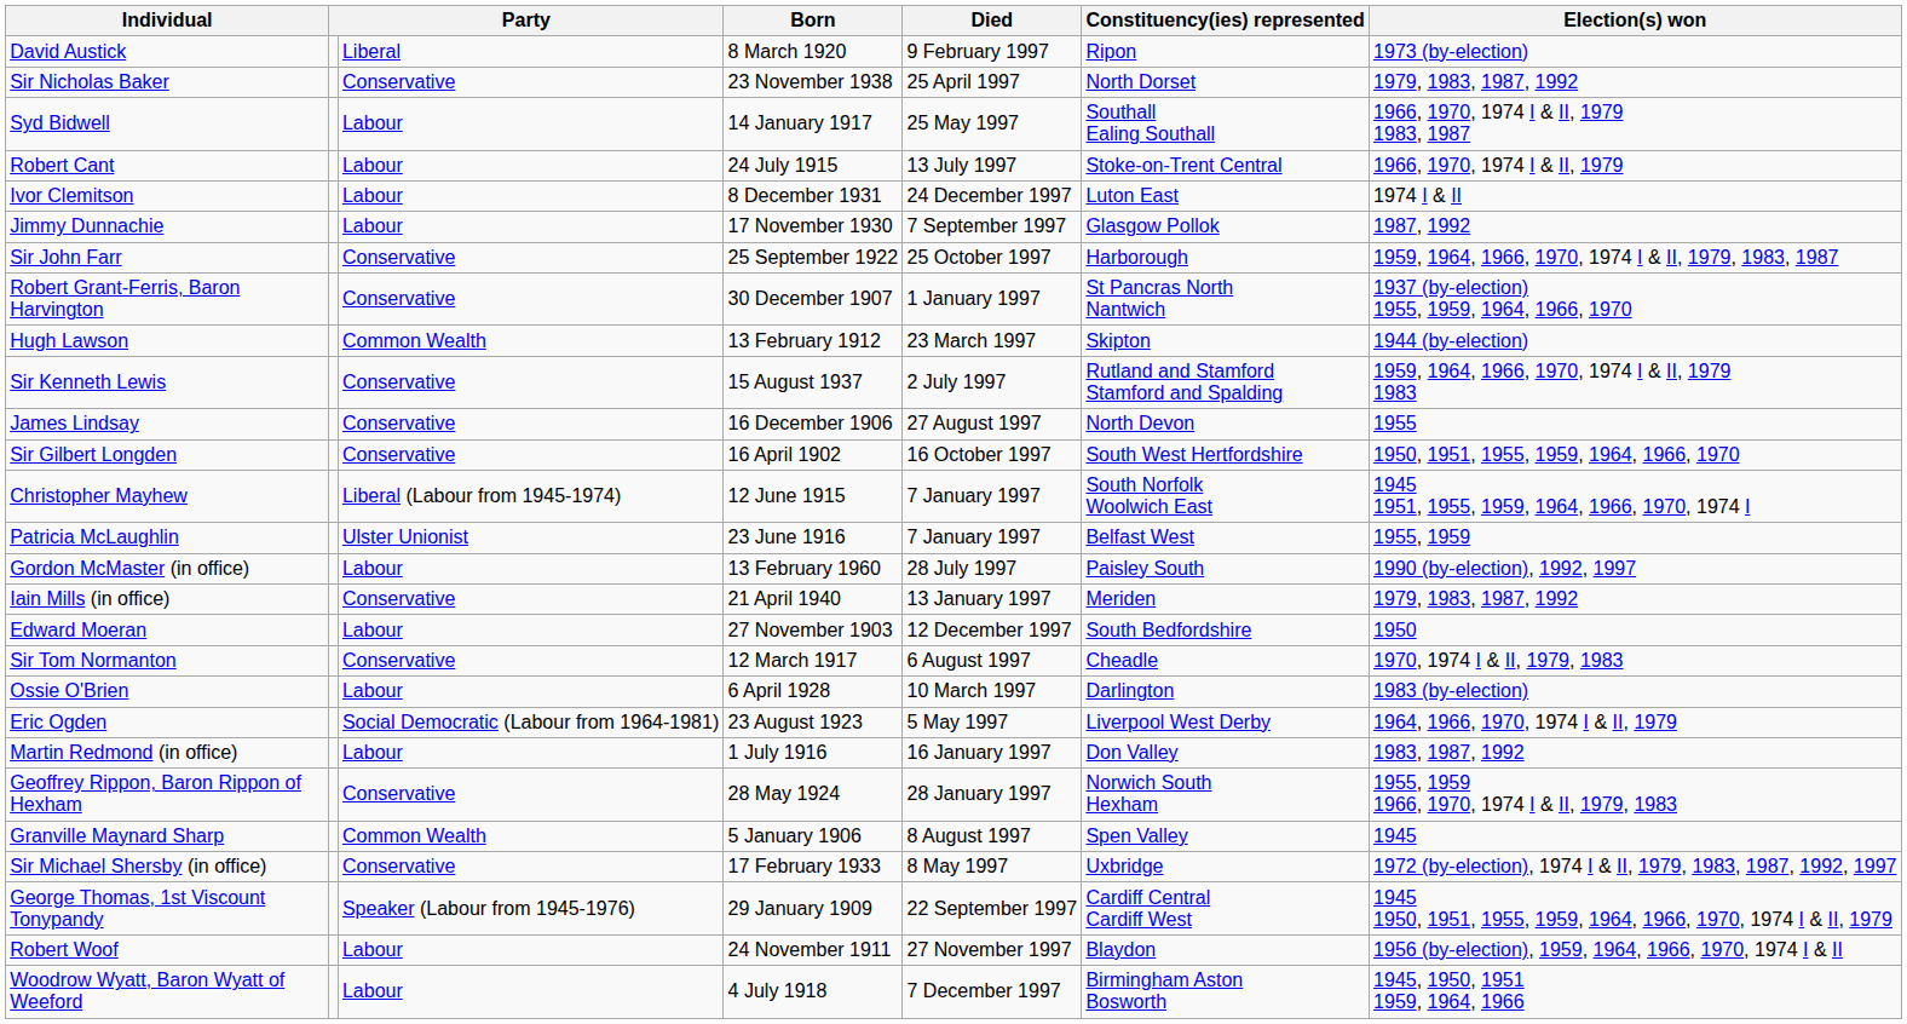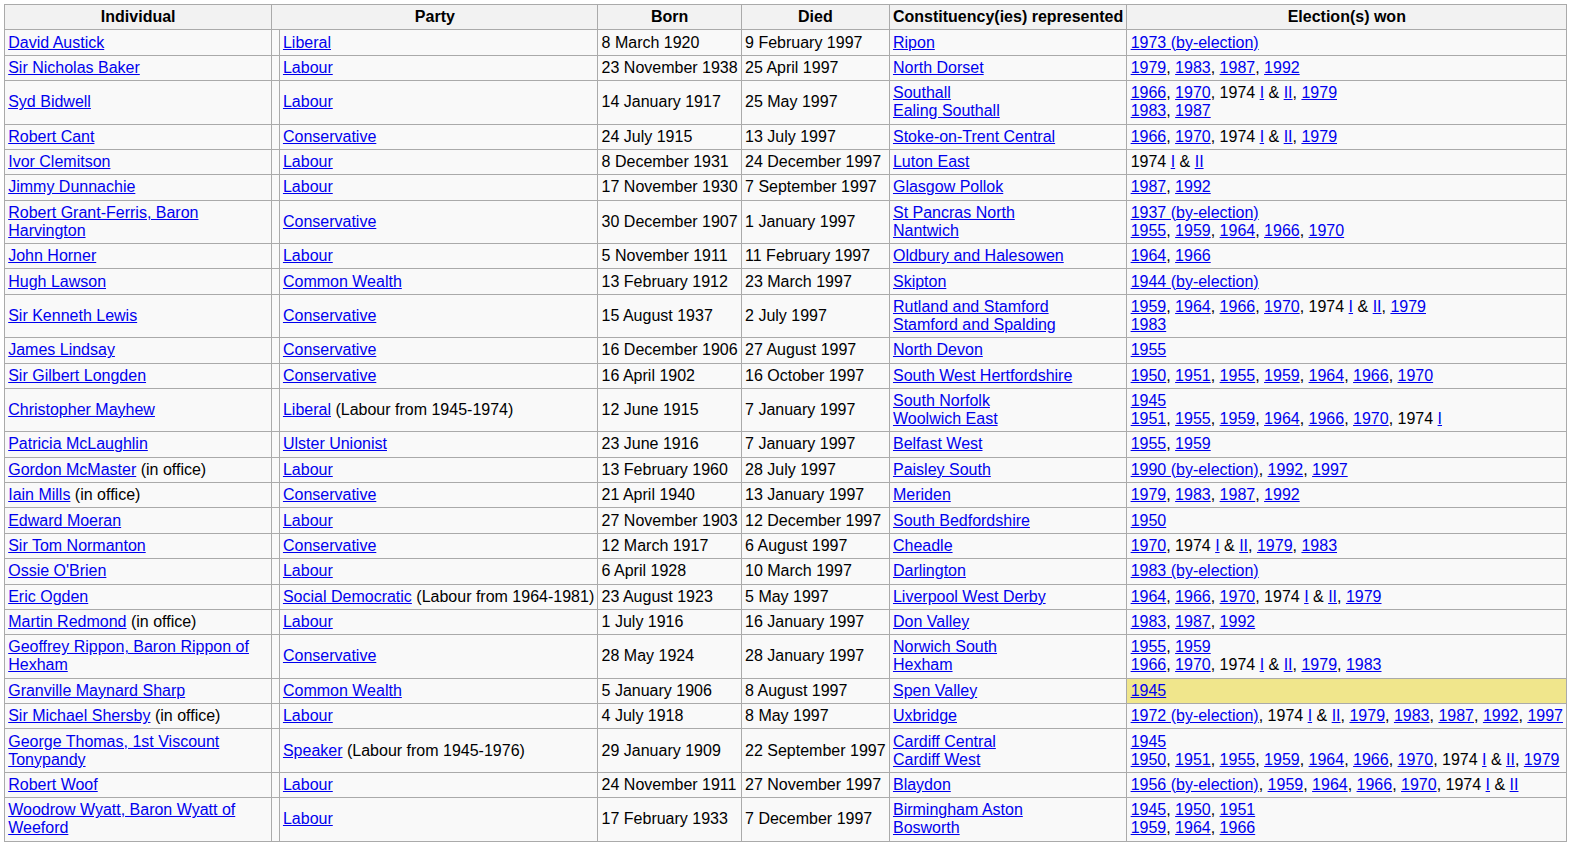 <table class="wikitable sortable">
 <tr>
 <th width="260px">Individual</th>
 <th colspan="2">Party</th>
 <th>Born</th>
 <th>Died</th>
 <th>Constituency(ies) represented</th>
 <th>Election(s) won</th>
 </tr>
 <tr>
 <td><a href='#'>David Austick</a></td>
 <td style="background-color: "></td>
 <td><a href='#'>Liberal</a></td>
 <td>8 March 1920</td>
 <td>9 February 1997</td>
 <td><a href='#'>Ripon</a></td>
 <td><a href='#'>1973 (by-election)</a></td>
 </tr>
 <tr>
 <td><a href='#'>Sir Nicholas Baker</a></td>
 <td style="background-color: "></td>
-<td><a href='#'>Conservative</a></td>
+<td><a href='#'>Labour</a></td>
 <td>23 November 1938</td>
 <td>25 April 1997</td>
 <td><a href='#'>North Dorset</a></td>
 <td><a href='#'>1979</a>, <a href='#'>1983</a>, <a href='#'>1987</a>, <a href='#'>1992</a></td>
 </tr>
 <tr>
 <td><a href='#'>Syd Bidwell</a></td>
 <td style="background-color: "></td>
 <td><a href='#'>Labour</a></td>
 <td>14 January 1917</td>
 <td>25 May 1997</td>
 <td><a href='#'>Southall</a><br><a href='#'>Ealing Southall</a></td>
 <td><a href='#'>1966</a>, <a href='#'>1970</a>, 1974 <a href='#'>I</a> & <a href='#'>II</a>, <a href='#'>1979</a><br><a href='#'>1983</a>, <a href='#'>1987</a></td>
 </tr>
 <tr>
 <td><a href='#'>Robert Cant</a></td>
 <td style="background-color: "></td>
-<td><a href='#'>Labour</a></td>
+<td><a href='#'>Conservative</a></td>
 <td>24 July 1915</td>
 <td>13 July 1997</td>
 <td><a href='#'>Stoke-on-Trent Central</a></td>
 <td><a href='#'>1966</a>, <a href='#'>1970</a>, 1974 <a href='#'>I</a> & <a href='#'>II</a>, <a href='#'>1979</a></td>
 </tr>
 <tr>
 <td><a href='#'>Ivor Clemitson</a></td>
 <td style="background-color: "></td>
 <td><a href='#'>Labour</a></td>
 <td>8 December 1931</td>
 <td>24 December 1997</td>
 <td><a href='#'>Luton East</a></td>
 <td>1974 <a href='#'>I</a> & <a href='#'>II</a></td>
 </tr>
 <tr>
 <td><a href='#'>Jimmy Dunnachie</a></td>
 <td style="background-color: "></td>
 <td><a href='#'>Labour</a></td>
 <td>17 November 1930</td>
 <td>7 September 1997</td>
 <td><a href='#'>Glasgow Pollok</a></td>
 <td><a href='#'>1987</a>, <a href='#'>1992</a></td>
 </tr>
 <tr>
-<td><a href='#'>Sir John Farr</a></td>
-<td style="background-color: "></td>
-<td><a href='#'>Conservative</a></td>
-<td>25 September 1922</td>
-<td>25 October 1997</td>
-<td><a href='#'>Harborough</a></td>
-<td><a href='#'>1959</a>, <a href='#'>1964</a>, <a href='#'>1966</a>, <a href='#'>1970</a>, 1974 <a href='#'>I</a> & <a href='#'>II</a>, <a href='#'>1979</a>, <a href='#'>1983</a>, <a href='#'>1987</a></td>
-</tr>
-<tr>
 <td><a href='#'>Robert Grant-Ferris, Baron Harvington</a></td>
 <td style="background-color: "></td>
 <td><a href='#'>Conservative</a></td>
 <td>30 December 1907</td>
 <td>1 January 1997</td>
 <td><a href='#'>St Pancras North</a><br><a href='#'>Nantwich</a></td>
 <td><a href='#'>1937 (by-election)</a><br><a href='#'>1955</a>, <a href='#'>1959</a>, <a href='#'>1964</a>, <a href='#'>1966</a>, <a href='#'>1970</a></td>
+</tr>
+<tr>
+<td><a href='#'>John Horner</a></td>
+<td style="background-color: "></td>
+<td><a href='#'>Labour</a></td>
+<td>5 November 1911</td>
+<td>11 February 1997</td>
+<td><a href='#'>Oldbury and Halesowen</a></td>
+<td><a href='#'>1964</a>, <a href='#'>1966</a></td>
 </tr>
 <tr>
 <td><a href='#'>Hugh Lawson</a></td>
 <td style="background-color: "></td>
 <td><a href='#'>Common Wealth</a></td>
 <td>13 February 1912</td>
 <td>23 March 1997</td>
 <td><a href='#'>Skipton</a></td>
 <td><a href='#'>1944 (by-election)</a></td>
 </tr>
 <tr>
 <td><a href='#'>Sir Kenneth Lewis</a></td>
 <td style="background-color: "></td>
 <td><a href='#'>Conservative</a></td>
 <td>15 August 1937</td>
 <td>2 July 1997</td>
 <td><a href='#'>Rutland and Stamford</a><br><a href='#'>Stamford and Spalding</a></td>
 <td><a href='#'>1959</a>, <a href='#'>1964</a>, <a href='#'>1966</a>, <a href='#'>1970</a>, 1974 <a href='#'>I</a> & <a href='#'>II</a>, <a href='#'>1979</a><br><a href='#'>1983</a></td>
 </tr>
 <tr>
 <td><a href='#'>James Lindsay</a></td>
 <td style="background-color: "></td>
 <td><a href='#'>Conservative</a></td>
 <td>16 December 1906</td>
 <td>27 August 1997</td>
 <td><a href='#'>North Devon</a></td>
 <td><a href='#'>1955</a></td>
 </tr>
 <tr>
 <td><a href='#'>Sir Gilbert Longden</a></td>
 <td style="background-color: "></td>
 <td><a href='#'>Conservative</a></td>
 <td>16 April 1902</td>
 <td>16 October 1997</td>
 <td><a href='#'>South West Hertfordshire</a></td>
 <td><a href='#'>1950</a>, <a href='#'>1951</a>, <a href='#'>1955</a>, <a href='#'>1959</a>, <a href='#'>1964</a>, <a href='#'>1966</a>, <a href='#'>1970</a></td>
 </tr>
 <tr>
 <td><a href='#'>Christopher Mayhew</a></td>
 <td style="background-color: "></td>
 <td><a href='#'>Liberal</a> (Labour from 1945-1974)</td>
 <td>12 June 1915</td>
 <td>7 January 1997</td>
 <td><a href='#'>South Norfolk</a><br><a href='#'>Woolwich East</a></td>
 <td><a href='#'>1945</a><br><a href='#'>1951</a>, <a href='#'>1955</a>, <a href='#'>1959</a>, <a href='#'>1964</a>, <a href='#'>1966</a>, <a href='#'>1970</a>, 1974 <a href='#'>I</a></td>
 </tr>
 <tr>
 <td><a href='#'>Patricia McLaughlin</a></td>
 <td style="background-color: "></td>
 <td><a href='#'>Ulster Unionist</a></td>
 <td>23 June 1916</td>
 <td>7 January 1997</td>
 <td><a href='#'>Belfast West</a></td>
 <td><a href='#'>1955</a>, <a href='#'>1959</a></td>
 </tr>
 <tr>
 <td><a href='#'>Gordon McMaster</a> (in office)</td>
 <td style="background-color: "></td>
 <td><a href='#'>Labour</a></td>
 <td>13 February 1960</td>
 <td>28 July 1997</td>
 <td><a href='#'>Paisley South</a></td>
 <td><a href='#'>1990 (by-election)</a>, <a href='#'>1992</a>, <a href='#'>1997</a></td>
 </tr>
 <tr>
 <td><a href='#'>Iain Mills</a> (in office)</td>
 <td style="background-color: "></td>
 <td><a href='#'>Conservative</a></td>
 <td>21 April 1940</td>
 <td>13 January 1997</td>
 <td><a href='#'>Meriden</a></td>
 <td><a href='#'>1979</a>, <a href='#'>1983</a>, <a href='#'>1987</a>, <a href='#'>1992</a></td>
 </tr>
 <tr>
 <td><a href='#'>Edward Moeran</a></td>
 <td style="background-color: "></td>
 <td><a href='#'>Labour</a></td>
 <td>27 November 1903</td>
 <td>12 December 1997</td>
 <td><a href='#'>South Bedfordshire</a></td>
 <td><a href='#'>1950</a></td>
 </tr>
 <tr>
 <td><a href='#'>Sir Tom Normanton</a></td>
 <td style="background-color: "></td>
 <td><a href='#'>Conservative</a></td>
 <td>12 March 1917</td>
 <td>6 August 1997</td>
 <td><a href='#'>Cheadle</a></td>
 <td><a href='#'>1970</a>, 1974 <a href='#'>I</a> & <a href='#'>II</a>, <a href='#'>1979</a>, <a href='#'>1983</a></td>
 </tr>
 <tr>
 <td><a href='#'>Ossie O'Brien</a></td>
 <td style="background-color: "></td>
 <td><a href='#'>Labour</a></td>
 <td>6 April 1928</td>
 <td>10 March 1997</td>
 <td><a href='#'>Darlington</a></td>
 <td><a href='#'>1983 (by-election)</a></td>
 </tr>
 <tr>
 <td><a href='#'>Eric Ogden</a></td>
 <td style="background-color: "></td>
 <td><a href='#'>Social Democratic</a> (Labour from 1964-1981)</td>
 <td>23 August 1923</td>
 <td>5 May 1997</td>
 <td><a href='#'>Liverpool West Derby</a></td>
 <td><a href='#'>1964</a>, <a href='#'>1966</a>, <a href='#'>1970</a>, 1974 <a href='#'>I</a> & <a href='#'>II</a>, <a href='#'>1979</a></td>
 </tr>
 <tr>
 <td><a href='#'>Martin Redmond</a> (in office)</td>
 <td style="background-color: "></td>
 <td><a href='#'>Labour</a></td>
 <td>1 July 1916</td>
 <td>16 January 1997</td>
 <td><a href='#'>Don Valley</a></td>
 <td><a href='#'>1983</a>, <a href='#'>1987</a>, <a href='#'>1992</a></td>
 </tr>
 <tr>
 <td><a href='#'>Geoffrey Rippon, Baron Rippon of Hexham</a></td>
 <td style="background-color: "></td>
 <td><a href='#'>Conservative</a></td>
 <td>28 May 1924</td>
 <td>28 January 1997</td>
 <td><a href='#'>Norwich South</a><br><a href='#'>Hexham</a></td>
 <td><a href='#'>1955</a>, <a href='#'>1959</a><br><a href='#'>1966</a>, <a href='#'>1970</a>, 1974 <a href='#'>I</a> & <a href='#'>II</a>, <a href='#'>1979</a>, <a href='#'>1983</a></td>
 </tr>
 <tr>
 <td><a href='#'>Granville Maynard Sharp</a></td>
 <td style="background-color: "></td>
 <td><a href='#'>Common Wealth</a></td>
 <td>5 January 1906</td>
 <td>8 August 1997</td>
 <td><a href='#'>Spen Valley</a></td>
-<td><a href='#'>1945</a></td>
+<td style="background: khaki;"><a href='#'>1945</a></td>
 </tr>
 <tr>
 <td><a href='#'>Sir Michael Shersby</a> (in office)</td>
 <td style="background-color: "></td>
-<td><a href='#'>Conservative</a></td>
-<td>17 February 1933</td>
+<td><a href='#'>Labour</a></td>
+<td>4 July 1918</td>
 <td>8 May 1997</td>
 <td><a href='#'>Uxbridge</a></td>
 <td><a href='#'>1972 (by-election)</a>, 1974 <a href='#'>I</a> & <a href='#'>II</a>, <a href='#'>1979</a>, <a href='#'>1983</a>, <a href='#'>1987</a>, <a href='#'>1992</a>, <a href='#'>1997</a></td>
 </tr>
 <tr>
 <td><a href='#'>George Thomas, 1st Viscount Tonypandy</a></td>
 <td style="background-color: "></td>
 <td><a href='#'>Speaker</a> (Labour from 1945-1976)</td>
 <td>29 January 1909</td>
 <td>22 September 1997</td>
 <td><a href='#'>Cardiff Central</a><br><a href='#'>Cardiff West</a></td>
 <td><a href='#'>1945</a><br><a href='#'>1950</a>, <a href='#'>1951</a>, <a href='#'>1955</a>, <a href='#'>1959</a>, <a href='#'>1964</a>, <a href='#'>1966</a>, <a href='#'>1970</a>, 1974 <a href='#'>I</a> & <a href='#'>II</a>, <a href='#'>1979</a></td>
 </tr>
 <tr>
 <td><a href='#'>Robert Woof</a></td>
 <td style="background-color: "></td>
 <td><a href='#'>Labour</a></td>
 <td>24 November 1911</td>
 <td>27 November 1997</td>
 <td><a href='#'>Blaydon</a></td>
 <td><a href='#'>1956 (by-election)</a>, <a href='#'>1959</a>, <a href='#'>1964</a>, <a href='#'>1966</a>, <a href='#'>1970</a>, 1974 <a href='#'>I</a> & <a href='#'>II</a></td>
 </tr>
 <tr>
 <td><a href='#'>Woodrow Wyatt, Baron Wyatt of Weeford</a></td>
 <td style="background-color: "></td>
 <td><a href='#'>Labour</a></td>
-<td>4 July 1918</td>
+<td>17 February 1933</td>
 <td>7 December 1997</td>
 <td><a href='#'>Birmingham Aston</a><br><a href='#'>Bosworth</a></td>
 <td><a href='#'>1945</a>, <a href='#'>1950</a>, <a href='#'>1951</a><br><a href='#'>1959</a>, <a href='#'>1964</a>, <a href='#'>1966</a></td>
 </tr>
 <tr>
 </tr>
 </table>
